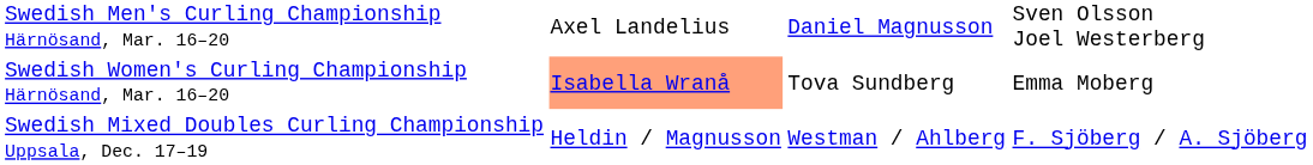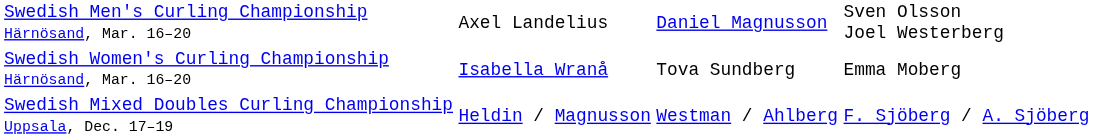 <table>
 <tr>
 <td><a href='#'>Swedish Men's Curling Championship</a> <br> <small><a href='#'>Härnösand</a>, Mar. 16–20</small></td>
 <td> Axel Landelius</td>
 <td> <a href='#'>Daniel Magnusson</a></td>
 <td> Sven Olsson <br>  Joel Westerberg</td>
 </tr>
 <tr>
 <td><a href='#'>Swedish Women's Curling Championship</a> <br> <small><a href='#'>Härnösand</a>, Mar. 16–20</small></td>
-<td style="background: lightsalmon;"> <a href='#'>Isabella Wranå</a></td>
+<td> <a href='#'>Isabella Wranå</a></td>
 <td> Tova Sundberg</td>
 <td> Emma Moberg</td>
 </tr>
 <tr>
 <td><a href='#'>Swedish Mixed Doubles Curling Championship</a> <br> <small><a href='#'>Uppsala</a>, Dec. 17–19</small></td>
 <td> <a href='#'>Heldin</a> / <a href='#'>Magnusson</a></td>
 <td> <a href='#'>Westman</a> / <a href='#'>Ahlberg</a></td>
 <td> <a href='#'>F. Sjöberg</a> / <a href='#'>A. Sjöberg</a></td>
 </tr>
 </table>
